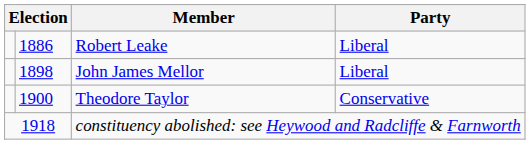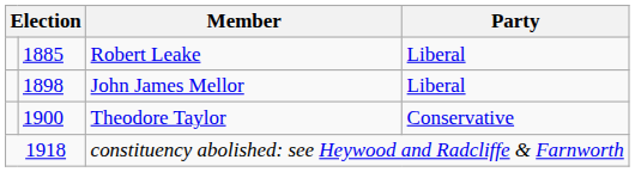 <table class="wikitable">
 <tr>
 <th colspan="2">Election</th>
 <th>Member</th>
 <th>Party</th>
 </tr>
 <tr>
 <td style="color:inherit;background-color: "></td>
-<td><a href='#'>1886</a></td>
+<td><a href='#'>1885</a></td>
 <td><a href='#'>Robert Leake</a></td>
 <td><a href='#'>Liberal</a></td>
 </tr>
 <tr>
 <td style="color:inherit;background-color: "></td>
 <td><a href='#'>1898</a></td>
 <td><a href='#'>John James Mellor</a></td>
 <td><a href='#'>Liberal</a></td>
 </tr>
 <tr>
 <td style="color:inherit;background-color: "></td>
 <td><a href='#'>1900</a></td>
 <td><a href='#'>Theodore Taylor</a></td>
 <td><a href='#'>Conservative</a></td>
 </tr>
 <tr>
 <td colspan="2" align="center"><a href='#'>1918</a></td>
 <td colspan="2"><em>constituency abolished: see <a href='#'>Heywood and Radcliffe</a> & <a href='#'>Farnworth</a></em></td>
 </tr>
 </table>
